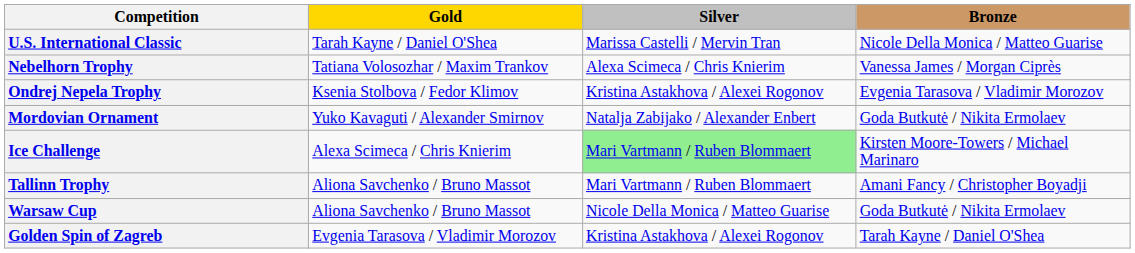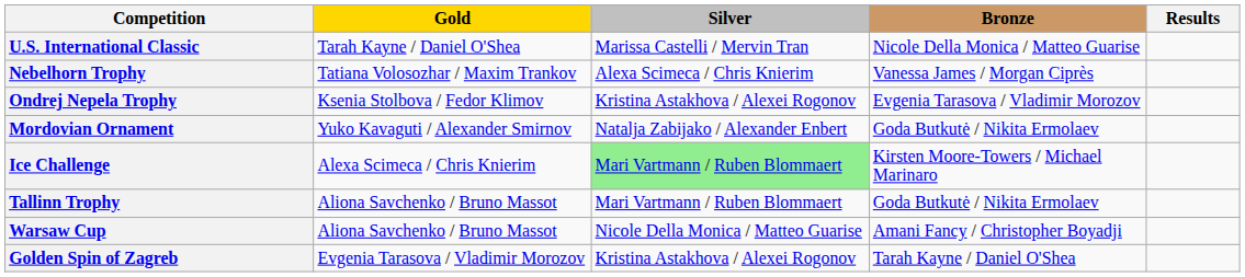 <table class="wikitable unsortable" style="text-align:left; width:90%;">
 <tr>
 <th scope="col" style="text-align:center; width:25%;">Competition</th>
 <td scope="col" style="text-align:center; width:22.5%; background:gold"><strong>Gold</strong></td>
 <td scope="col" style="text-align:center; width:22.5%; background:silver"><strong>Silver</strong></td>
 <td scope="col" style="text-align:center; width:22.5%; background:#c96"><strong>Bronze</strong></td>
+<th scope="col" style="text-align:center; width:7.5%;">Results</th>
 </tr>
 <tr>
 <th scope="row" style="text-align:left"> <a href='#'>U.S. International Classic</a></th>
 <td> <a href='#'>Tarah Kayne</a> / <a href='#'>Daniel O'Shea</a></td>
 <td> <a href='#'>Marissa Castelli</a> / <a href='#'>Mervin Tran</a></td>
 <td> <a href='#'>Nicole Della Monica</a> / <a href='#'>Matteo Guarise</a></td>
+<td></td>
 </tr>
 <tr>
 <th scope="row" style="text-align:left"> <a href='#'>Nebelhorn Trophy</a></th>
 <td> <a href='#'>Tatiana Volosozhar</a> / <a href='#'>Maxim Trankov</a></td>
 <td> <a href='#'>Alexa Scimeca</a> / <a href='#'>Chris Knierim</a></td>
 <td> <a href='#'>Vanessa James</a> / <a href='#'>Morgan Ciprès</a></td>
+<td></td>
 </tr>
 <tr>
 <th scope="row" style="text-align:left"> <a href='#'>Ondrej Nepela Trophy</a></th>
 <td> <a href='#'>Ksenia Stolbova</a> / <a href='#'>Fedor Klimov</a></td>
 <td> <a href='#'>Kristina Astakhova</a> / <a href='#'>Alexei Rogonov</a></td>
 <td> <a href='#'>Evgenia Tarasova</a> / <a href='#'>Vladimir Morozov</a></td>
+<td></td>
 </tr>
 <tr>
 <th scope="row" style="text-align:left"> <a href='#'>Mordovian Ornament</a></th>
 <td> <a href='#'>Yuko Kavaguti</a> / <a href='#'>Alexander Smirnov</a></td>
 <td> <a href='#'>Natalja Zabijako</a> / <a href='#'>Alexander Enbert</a></td>
 <td> <a href='#'>Goda Butkutė</a> / <a href='#'>Nikita Ermolaev</a></td>
+<td></td>
 </tr>
 <tr>
 <th scope="row" style="text-align:left"> <a href='#'>Ice Challenge</a></th>
 <td> <a href='#'>Alexa Scimeca</a> / <a href='#'>Chris Knierim</a></td>
 <td style="background: lightgreen;"> <a href='#'>Mari Vartmann</a> / <a href='#'>Ruben Blommaert</a></td>
 <td> <a href='#'>Kirsten Moore-Towers</a> / <a href='#'>Michael Marinaro</a></td>
+<td></td>
 </tr>
 <tr>
 <th scope="row" style="text-align:left"> <a href='#'>Tallinn Trophy</a></th>
 <td> <a href='#'>Aliona Savchenko</a> / <a href='#'>Bruno Massot</a></td>
 <td> <a href='#'>Mari Vartmann</a> / <a href='#'>Ruben Blommaert</a></td>
-<td> <a href='#'>Amani Fancy</a> / <a href='#'>Christopher Boyadji</a></td>
+<td> <a href='#'>Goda Butkutė</a> / <a href='#'>Nikita Ermolaev</a></td>
+<td></td>
 </tr>
 <tr>
 <th scope="row" style="text-align:left"> <a href='#'>Warsaw Cup</a></th>
 <td> <a href='#'>Aliona Savchenko</a> / <a href='#'>Bruno Massot</a></td>
 <td> <a href='#'>Nicole Della Monica</a> / <a href='#'>Matteo Guarise</a></td>
-<td> <a href='#'>Goda Butkutė</a> / <a href='#'>Nikita Ermolaev</a></td>
+<td> <a href='#'>Amani Fancy</a> / <a href='#'>Christopher Boyadji</a></td>
+<td></td>
 </tr>
 <tr>
 <th scope="row" style="text-align:left"> <a href='#'>Golden Spin of Zagreb</a></th>
 <td> <a href='#'>Evgenia Tarasova</a> / <a href='#'>Vladimir Morozov</a></td>
 <td> <a href='#'>Kristina Astakhova</a> / <a href='#'>Alexei Rogonov</a></td>
 <td> <a href='#'>Tarah Kayne</a> / <a href='#'>Daniel O'Shea</a></td>
+<td></td>
 </tr>
 </table>
